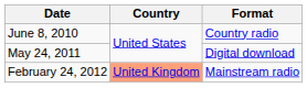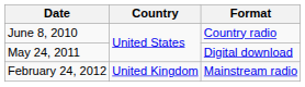 <table class="wikitable">
 <tr>
 <th>Date</th>
 <th>Country</th>
 <th>Format</th>
 </tr>
 <tr>
 <td>June 8, 2010</td>
 <td rowspan="2"><a href='#'>United States</a></td>
 <td><a href='#'>Country radio</a></td>
 </tr>
 <tr>
 <td>May 24, 2011</td>
 <td><a href='#'>Digital download</a></td>
 </tr>
 <tr>
 <td>February 24, 2012</td>
-<td rowspan="1" style="background: lightsalmon;"><a href='#'>United Kingdom</a></td>
+<td rowspan="1"><a href='#'>United Kingdom</a></td>
 <td><a href='#'>Mainstream radio</a></td>
 </tr>
 </table>
